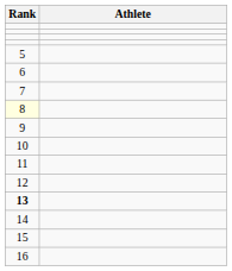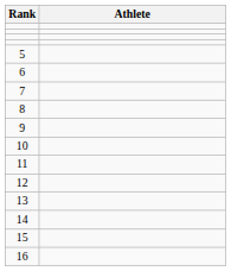 <table class="wikitable" style="text-align: center;">
 <tr>
 <th width=40>Rank</th>
 <th width=250>Athlete</th>
 </tr>
 <tr>
 <td></td>
 <td align=left></td>
 </tr>
 <tr>
 <td></td>
 <td align=left></td>
 </tr>
 <tr>
 <td></td>
 <td align=left></td>
 </tr>
 <tr>
 <td></td>
 <td align=left></td>
 </tr>
 <tr>
 <td>5</td>
 <td align=left></td>
 </tr>
 <tr>
 <td>6</td>
 <td align=left></td>
 </tr>
 <tr>
 <td>7</td>
 <td align=left></td>
 </tr>
 <tr>
-<td style="background: lightyellow;">8</td>
+<td>8</td>
 <td align=left></td>
 </tr>
 <tr>
 <td>9</td>
 <td align=left></td>
 </tr>
 <tr>
 <td>10</td>
 <td align=left></td>
 </tr>
 <tr>
 <td>11</td>
 <td align=left></td>
 </tr>
 <tr>
 <td>12</td>
 <td align=left></td>
 </tr>
 <tr>
-<td><strong>13</strong></td>
+<td>13</td>
 <td align=left></td>
 </tr>
 <tr>
 <td>14</td>
 <td align=left></td>
 </tr>
 <tr>
 <td>15</td>
 <td align=left></td>
 </tr>
 <tr>
 <td>16</td>
 <td align=left></td>
 </tr>
 </table>
